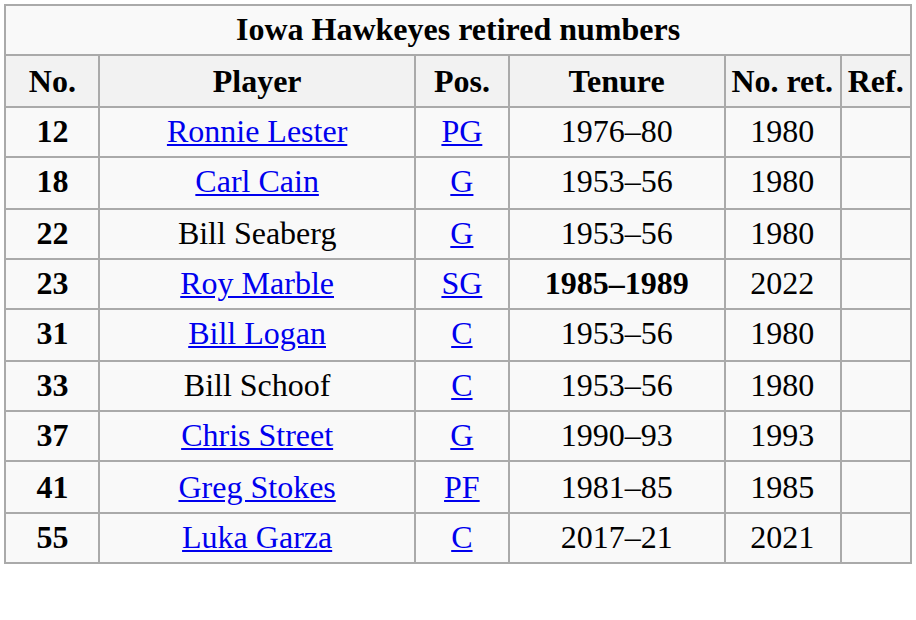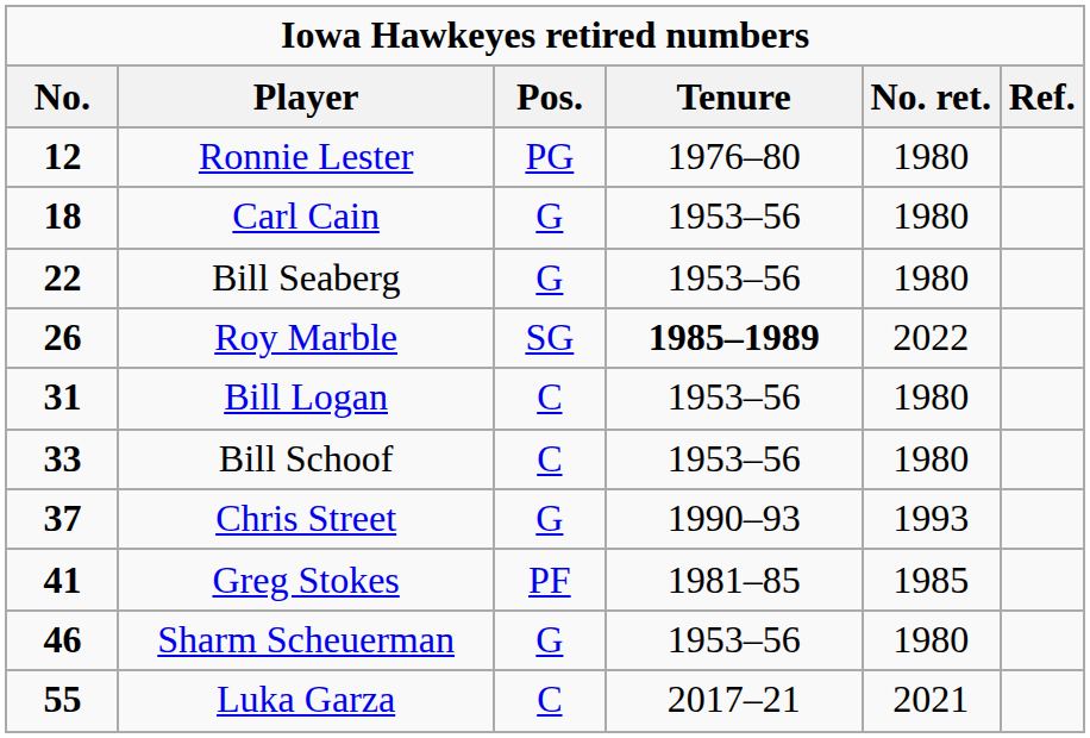 <table class="wikitable sortable" style="text-align:center">
 <tr>
 <td colspan=6><strong>Iowa Hawkeyes retired numbers</strong></td>
 </tr>
 <tr>
 <th width=40px>No.</th>
 <th width=150px>Player</th>
 <th width=40px>Pos.</th>
 <th width=100px>Tenure</th>
 <th width=px>No. ret.</th>
 <th width=px>Ref.</th>
 </tr>
 <tr>
 <td><strong>12</strong></td>
 <td><a href='#'>Ronnie Lester</a></td>
 <td><a href='#'>PG</a></td>
 <td>1976–80</td>
 <td>1980</td>
 <td></td>
 </tr>
 <tr>
 <td><strong>18</strong></td>
 <td><a href='#'>Carl Cain</a></td>
 <td><a href='#'>G</a></td>
 <td>1953–56</td>
 <td>1980</td>
 <td></td>
 </tr>
 <tr>
 <td><strong>22</strong></td>
 <td>Bill Seaberg</td>
 <td><a href='#'>G</a></td>
 <td>1953–56</td>
 <td>1980</td>
 <td></td>
 </tr>
 <tr>
-<td><strong>23</strong></td>
+<td><strong>26</strong></td>
 <td><a href='#'>Roy Marble</a></td>
 <td><a href='#'>SG</a></td>
 <td><strong>1985–1989</strong></td>
 <td>2022</td>
 <td></td>
 </tr>
 <tr>
 <td><strong>31</strong></td>
 <td><a href='#'>Bill Logan</a></td>
 <td><a href='#'>C</a></td>
 <td>1953–56</td>
 <td>1980</td>
 <td></td>
 </tr>
 <tr>
 <td><strong>33</strong></td>
 <td>Bill Schoof</td>
 <td><a href='#'>C</a></td>
 <td>1953–56</td>
 <td>1980</td>
 <td></td>
 </tr>
 <tr>
 <td><strong>37</strong></td>
 <td><a href='#'>Chris Street</a></td>
 <td><a href='#'>G</a></td>
 <td>1990–93</td>
 <td>1993</td>
 <td></td>
 </tr>
 <tr>
 <td><strong>41</strong></td>
 <td><a href='#'>Greg Stokes</a></td>
 <td><a href='#'>PF</a></td>
 <td>1981–85</td>
 <td>1985</td>
 <td></td>
 </tr>
 <tr>
+<td><strong>46</strong></td>
+<td><a href='#'>Sharm Scheuerman</a></td>
+<td><a href='#'>G</a></td>
+<td>1953–56</td>
+<td>1980</td>
+<td></td>
+</tr>
+<tr>
 <td><strong>55</strong></td>
 <td><a href='#'>Luka Garza</a></td>
 <td><a href='#'>C</a></td>
 <td>2017–21</td>
 <td>2021</td>
 <td></td>
 </tr>
 </table>
